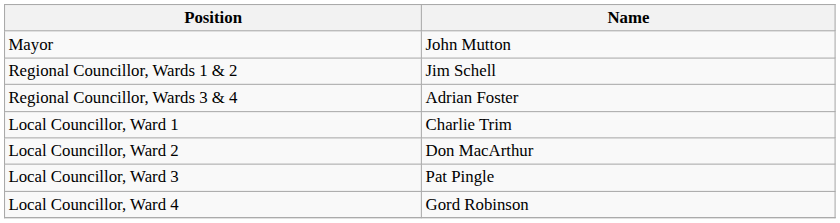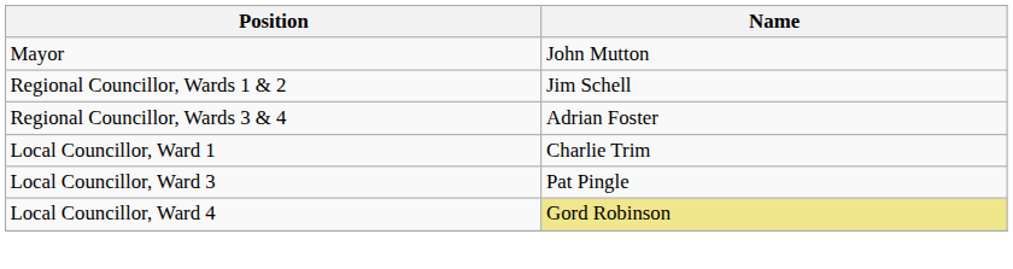 <table class="wikitable" style="width:50%;">
 <tr>
 <th bgcolor="#DDDDFF" width="50px">Position</th>
 <th bgcolor="#DDDDFF" width="50px">Name</th>
 </tr>
 <tr>
 <td>Mayor</td>
 <td>John Mutton</td>
 </tr>
 <tr>
 <td>Regional Councillor, Wards 1 & 2</td>
 <td>Jim Schell</td>
 </tr>
 <tr>
 <td>Regional Councillor, Wards 3 & 4</td>
 <td>Adrian Foster</td>
 </tr>
 <tr>
 <td>Local Councillor, Ward 1</td>
 <td>Charlie Trim</td>
 </tr>
 <tr>
-<td>Local Councillor, Ward 2</td>
-<td>Don MacArthur</td>
-</tr>
-<tr>
 <td>Local Councillor, Ward 3</td>
 <td>Pat Pingle</td>
 </tr>
 <tr>
 <td>Local Councillor, Ward 4</td>
-<td>Gord Robinson</td>
+<td style="background: khaki;">Gord Robinson</td>
 </tr>
 <tr>
 </tr>
 </table>
